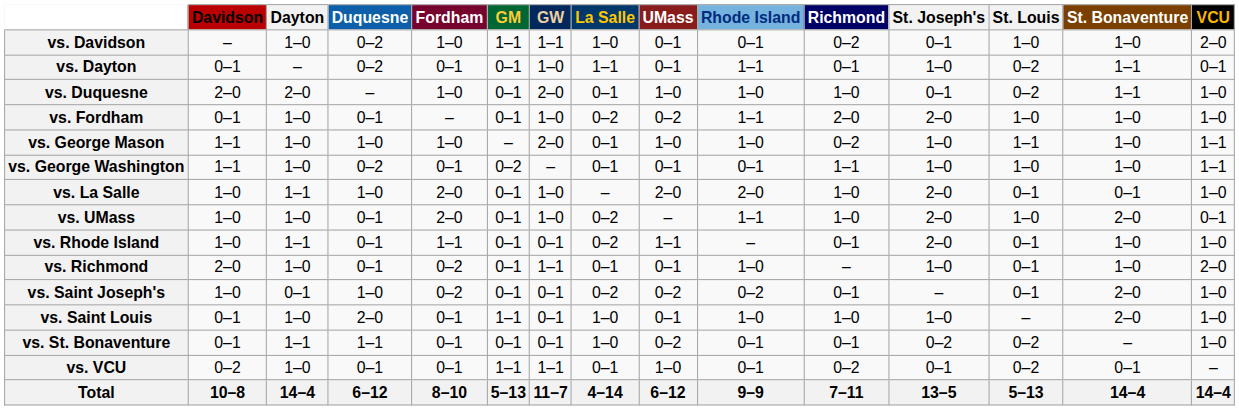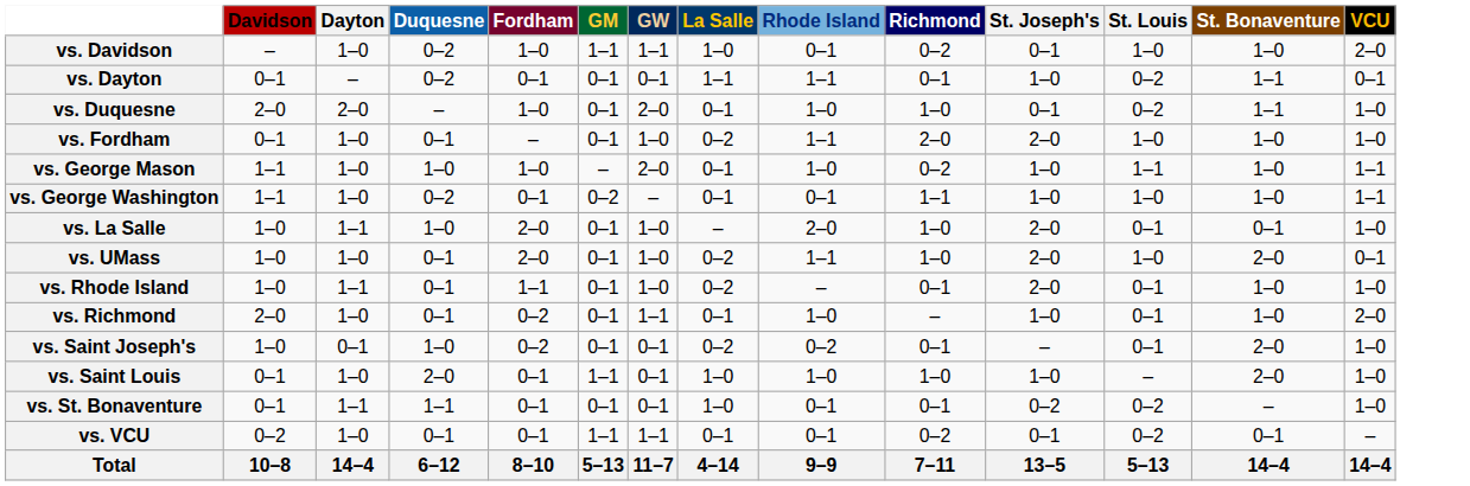 <table class="wikitable" style="white-space:nowrap;font-size:90%;">
 <tr>
 <th colspan=1 style="background:white; border-top-style:hidden; border-left-style:hidden;"   width=75> </th>
 <th style="background:#BA0000; color:#000000;"  width=75>Davidson</th>
 <th style="background:#">Dayton</th>
 <th style="background:#0C5FA8; color:white;"  width=75>Duquesne</th>
 <th style="background:#76032E; color:#FFFFFF;"  width=75>Fordham</th>
 <th style="background:#006633; color:#FFCC33;"  width=75>GM</th>
 <th style="background:#00285C; color:#EECFA1;"  width=75>GW</th>
 <th style="background:#00386B; color:#FFC700;"  width=75>La Salle</th>
-<th style="background:#881C1C; color:white;"  width=75>UMass</th>
 <th style="background:#75B2DD; color:#002b7f;"  width=75>Rhode Island</th>
 <th style="background:#000066; color:#FFFFFF;"  width=75>Richmond</th>
 <th style="background:#">St. Joseph's</th>
 <th style="background:#">St. Louis</th>
 <th style="background:#7B3F00; color:#FFFFFF;"  width=75>St. Bonaventure</th>
 <th style="background:#000000; color:#F8B800;"  width=75>VCU</th>
 </tr>
 <tr style="text-align:center;">
 <th>vs. Davidson</th>
 <td>–</td>
 <td>1–0</td>
 <td>0–2</td>
 <td>1–0</td>
 <td>1–1</td>
 <td>1–1</td>
 <td>1–0</td>
 <td>0–1</td>
-<td>0–1</td>
 <td>0–2</td>
 <td>0–1</td>
 <td>1–0</td>
 <td>1–0</td>
 <td>2–0</td>
 </tr>
 <tr style="text-align:center;">
 <th>vs. Dayton</th>
 <td>0–1</td>
 <td>–</td>
 <td>0–2</td>
 <td>0–1</td>
 <td>0–1</td>
-<td>1–0</td>
+<td>0–1</td>
 <td>1–1</td>
-<td>0–1</td>
 <td>1–1</td>
 <td>0–1</td>
 <td>1–0</td>
 <td>0–2</td>
 <td>1–1</td>
 <td>0–1</td>
 </tr>
 <tr style="text-align:center;">
 <th>vs. Duquesne</th>
 <td>2–0</td>
 <td>2–0</td>
 <td>–</td>
 <td>1–0</td>
 <td>0–1</td>
 <td>2–0</td>
 <td>0–1</td>
 <td>1–0</td>
 <td>1–0</td>
-<td>1–0</td>
 <td>0–1</td>
 <td>0–2</td>
 <td>1–1</td>
 <td>1–0</td>
 </tr>
 <tr style="text-align:center;">
 <th>vs. Fordham</th>
 <td>0–1</td>
 <td>1–0</td>
 <td>0–1</td>
 <td>–</td>
 <td>0–1</td>
 <td>1–0</td>
-<td>0–2</td>
 <td>0–2</td>
 <td>1–1</td>
 <td>2–0</td>
 <td>2–0</td>
 <td>1–0</td>
 <td>1–0</td>
 <td>1–0</td>
 </tr>
 <tr style="text-align:center;">
 <th>vs. George Mason</th>
 <td>1–1</td>
 <td>1–0</td>
 <td>1–0</td>
 <td>1–0</td>
 <td>–</td>
 <td>2–0</td>
 <td>0–1</td>
 <td>1–0</td>
-<td>1–0</td>
 <td>0–2</td>
 <td>1–0</td>
 <td>1–1</td>
 <td>1–0</td>
 <td>1–1</td>
 </tr>
 <tr style="text-align:center;">
 <th>vs. George Washington</th>
 <td>1–1</td>
 <td>1–0</td>
 <td>0–2</td>
 <td>0–1</td>
 <td>0–2</td>
 <td>–</td>
-<td>0–1</td>
 <td>0–1</td>
 <td>0–1</td>
 <td>1–1</td>
 <td>1–0</td>
 <td>1–0</td>
 <td>1–0</td>
 <td>1–1</td>
 </tr>
 <tr style="text-align:center;">
 <th>vs. La Salle</th>
 <td>1–0</td>
 <td>1–1</td>
 <td>1–0</td>
 <td>2–0</td>
 <td>0–1</td>
 <td>1–0</td>
 <td>–</td>
 <td>2–0</td>
-<td>2–0</td>
 <td>1–0</td>
 <td>2–0</td>
 <td>0–1</td>
 <td>0–1</td>
 <td>1–0</td>
 </tr>
 <tr style="text-align:center;">
 <th>vs. UMass</th>
 <td>1–0</td>
 <td>1–0</td>
 <td>0–1</td>
 <td>2–0</td>
 <td>0–1</td>
 <td>1–0</td>
 <td>0–2</td>
-<td>–</td>
 <td>1–1</td>
 <td>1–0</td>
 <td>2–0</td>
 <td>1–0</td>
 <td>2–0</td>
 <td>0–1</td>
 </tr>
 <tr style="text-align:center;">
 <th>vs. Rhode Island</th>
 <td>1–0</td>
 <td>1–1</td>
 <td>0–1</td>
 <td>1–1</td>
 <td>0–1</td>
-<td>0–1</td>
+<td>1–0</td>
 <td>0–2</td>
-<td>1–1</td>
 <td>–</td>
 <td>0–1</td>
 <td>2–0</td>
 <td>0–1</td>
 <td>1–0</td>
 <td>1–0</td>
 </tr>
 <tr style="text-align:center;">
 <th>vs. Richmond</th>
 <td>2–0</td>
 <td>1–0</td>
 <td>0–1</td>
 <td>0–2</td>
 <td>0–1</td>
 <td>1–1</td>
-<td>0–1</td>
 <td>0–1</td>
 <td>1–0</td>
 <td>–</td>
 <td>1–0</td>
 <td>0–1</td>
 <td>1–0</td>
 <td>2–0</td>
 </tr>
 <tr style="text-align:center;">
 <th>vs. Saint Joseph's</th>
 <td>1–0</td>
 <td>0–1</td>
 <td>1–0</td>
 <td>0–2</td>
 <td>0–1</td>
 <td>0–1</td>
 <td>0–2</td>
 <td>0–2</td>
-<td>0–2</td>
 <td>0–1</td>
 <td>–</td>
 <td>0–1</td>
 <td>2–0</td>
 <td>1–0</td>
 </tr>
 <tr style="text-align:center;">
 <th>vs. Saint Louis</th>
 <td>0–1</td>
 <td>1–0</td>
 <td>2–0</td>
 <td>0–1</td>
 <td>1–1</td>
 <td>0–1</td>
 <td>1–0</td>
-<td>0–1</td>
 <td>1–0</td>
 <td>1–0</td>
 <td>1–0</td>
 <td>–</td>
 <td>2–0</td>
 <td>1–0</td>
 </tr>
 <tr style="text-align:center;">
 <th>vs. St. Bonaventure</th>
 <td>0–1</td>
 <td>1–1</td>
 <td>1–1</td>
 <td>0–1</td>
 <td>0–1</td>
 <td>0–1</td>
 <td>1–0</td>
-<td>0–2</td>
 <td>0–1</td>
 <td>0–1</td>
 <td>0–2</td>
 <td>0–2</td>
 <td>–</td>
 <td>1–0</td>
 </tr>
 <tr style="text-align:center;">
 <th>vs. VCU</th>
 <td>0–2</td>
 <td>1–0</td>
 <td>0–1</td>
 <td>0–1</td>
 <td>1–1</td>
 <td>1–1</td>
 <td>0–1</td>
-<td>1–0</td>
 <td>0–1</td>
 <td>0–2</td>
 <td>0–1</td>
 <td>0–2</td>
 <td>0–1</td>
 <td>–<br></td>
 </tr>
 <tr style="text-align:center;">
 <th>Total</th>
 <th>10–8</th>
 <th>14–4</th>
 <th>6–12</th>
 <th>8–10</th>
 <th>5–13</th>
 <th>11–7</th>
 <th>4–14</th>
-<th>6–12</th>
 <th>9–9</th>
 <th>7–11</th>
 <th>13–5</th>
 <th>5–13</th>
 <th>14–4</th>
 <th>14–4</th>
 </tr>
 </table>
